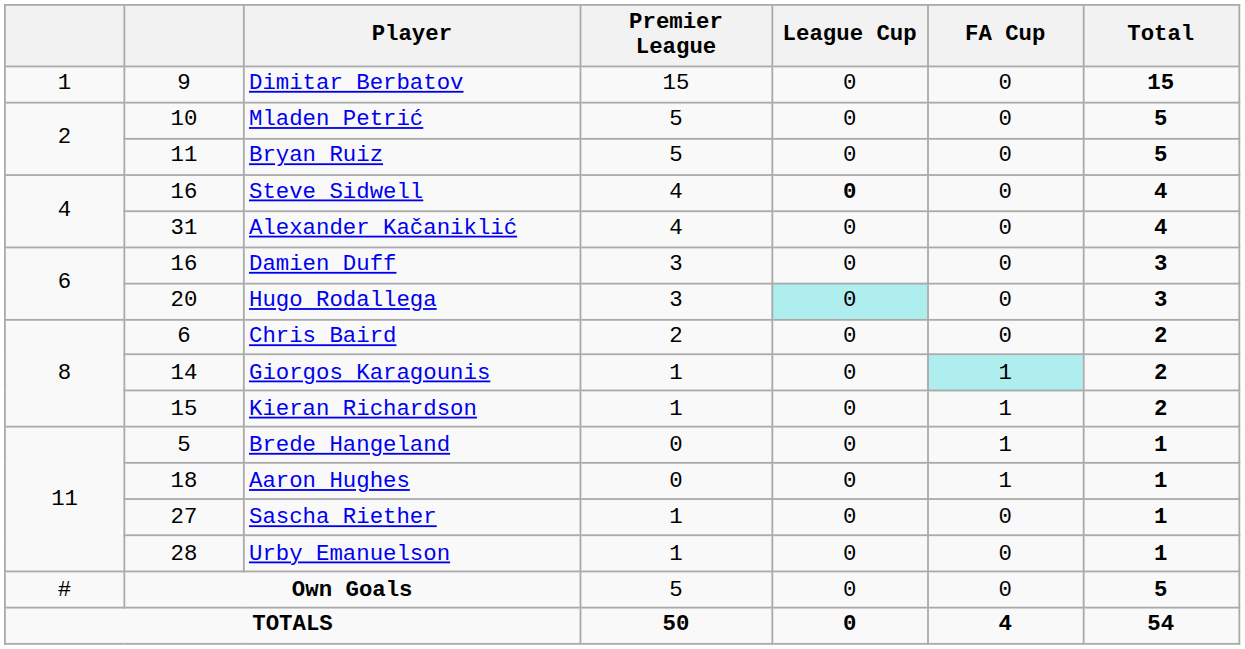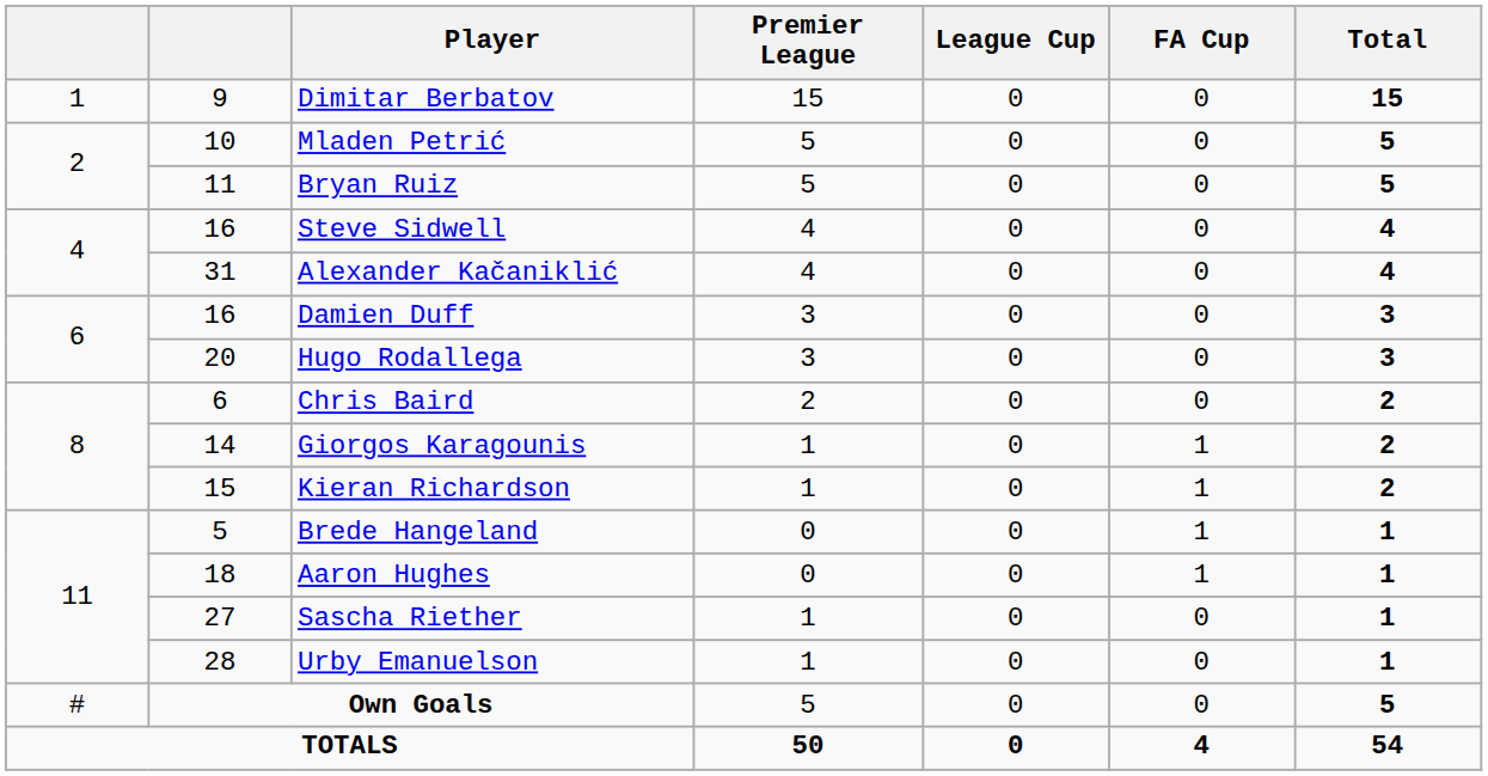 <table class="wikitable" style="font-size: 95%; text-align: center;">
 <tr>
 <th width=60></th>
 <th width=60></th>
 <th width=180>Player</th>
 <th width=100>Premier League</th>
 <th width=80>League Cup</th>
 <th width=80>FA Cup</th>
 <th width=80>Total</th>
 </tr>
 <tr>
 <td>1</td>
 <td>9</td>
 <td align=left> <a href='#'>Dimitar Berbatov</a></td>
 <td>15</td>
 <td>0</td>
 <td>0</td>
 <td><strong>15</strong></td>
 </tr>
 <tr>
 <td rowspan=2>2</td>
 <td>10</td>
 <td align=left> <a href='#'>Mladen Petrić</a></td>
 <td>5</td>
 <td>0</td>
 <td>0</td>
 <td><strong>5</strong></td>
 </tr>
 <tr>
 <td>11</td>
 <td align=left> <a href='#'>Bryan Ruiz</a></td>
 <td>5</td>
 <td>0</td>
 <td>0</td>
 <td><strong>5</strong></td>
 </tr>
 <tr>
 <td rowspan=2>4</td>
 <td>16</td>
 <td align=left> <a href='#'>Steve Sidwell</a></td>
 <td>4</td>
-<td><strong>0</strong></td>
+<td>0</td>
 <td>0</td>
 <td><strong>4</strong></td>
 </tr>
 <tr>
 <td>31</td>
 <td align=left> <a href='#'>Alexander Kačaniklić</a></td>
 <td>4</td>
 <td>0</td>
 <td>0</td>
 <td><strong>4</strong></td>
 </tr>
 <tr>
 <td rowspan=2>6</td>
 <td>16</td>
 <td align=left> <a href='#'>Damien Duff</a></td>
 <td>3</td>
 <td>0</td>
 <td>0</td>
 <td><strong>3</strong></td>
 </tr>
 <tr>
 <td>20</td>
 <td align=left> <a href='#'>Hugo Rodallega</a></td>
 <td>3</td>
-<td style="background: paleturquoise;">0</td>
+<td>0</td>
 <td>0</td>
 <td><strong>3</strong></td>
 </tr>
 <tr>
 <td rowspan=3>8</td>
 <td>6</td>
 <td align=left> <a href='#'>Chris Baird</a></td>
 <td>2</td>
 <td>0</td>
 <td>0</td>
 <td><strong>2</strong></td>
 </tr>
 <tr>
 <td>14</td>
 <td align=left> <a href='#'>Giorgos Karagounis</a></td>
 <td>1</td>
 <td>0</td>
-<td style="background: paleturquoise;">1</td>
+<td>1</td>
 <td><strong>2</strong></td>
 </tr>
 <tr>
 <td>15</td>
 <td align=left> <a href='#'>Kieran Richardson</a></td>
 <td>1</td>
 <td>0</td>
 <td>1</td>
 <td><strong>2</strong></td>
 </tr>
 <tr>
 <td rowspan=4>11</td>
 <td>5</td>
 <td align=left> <a href='#'>Brede Hangeland</a></td>
 <td>0</td>
 <td>0</td>
 <td>1</td>
 <td><strong>1</strong></td>
 </tr>
 <tr>
 <td>18</td>
 <td align=left> <a href='#'>Aaron Hughes</a></td>
 <td>0</td>
 <td>0</td>
 <td>1</td>
 <td><strong>1</strong></td>
 </tr>
 <tr>
 <td>27</td>
 <td align=left> <a href='#'>Sascha Riether</a></td>
 <td>1</td>
 <td>0</td>
 <td>0</td>
 <td><strong>1</strong></td>
 </tr>
 <tr>
 <td>28</td>
 <td align=left> <a href='#'>Urby Emanuelson</a></td>
 <td>1</td>
 <td>0</td>
 <td>0</td>
 <td><strong>1</strong></td>
 </tr>
 <tr>
 <td>#</td>
 <td colspan=2><strong>Own Goals</strong></td>
 <td>5</td>
 <td>0</td>
 <td>0</td>
 <td><strong>5</strong></td>
 </tr>
 <tr>
 <td colspan=3><strong>TOTALS</strong></td>
 <td><strong>50</strong></td>
 <td><strong>0</strong></td>
 <td><strong>4</strong></td>
 <td><strong>54</strong></td>
 </tr>
 </table>
